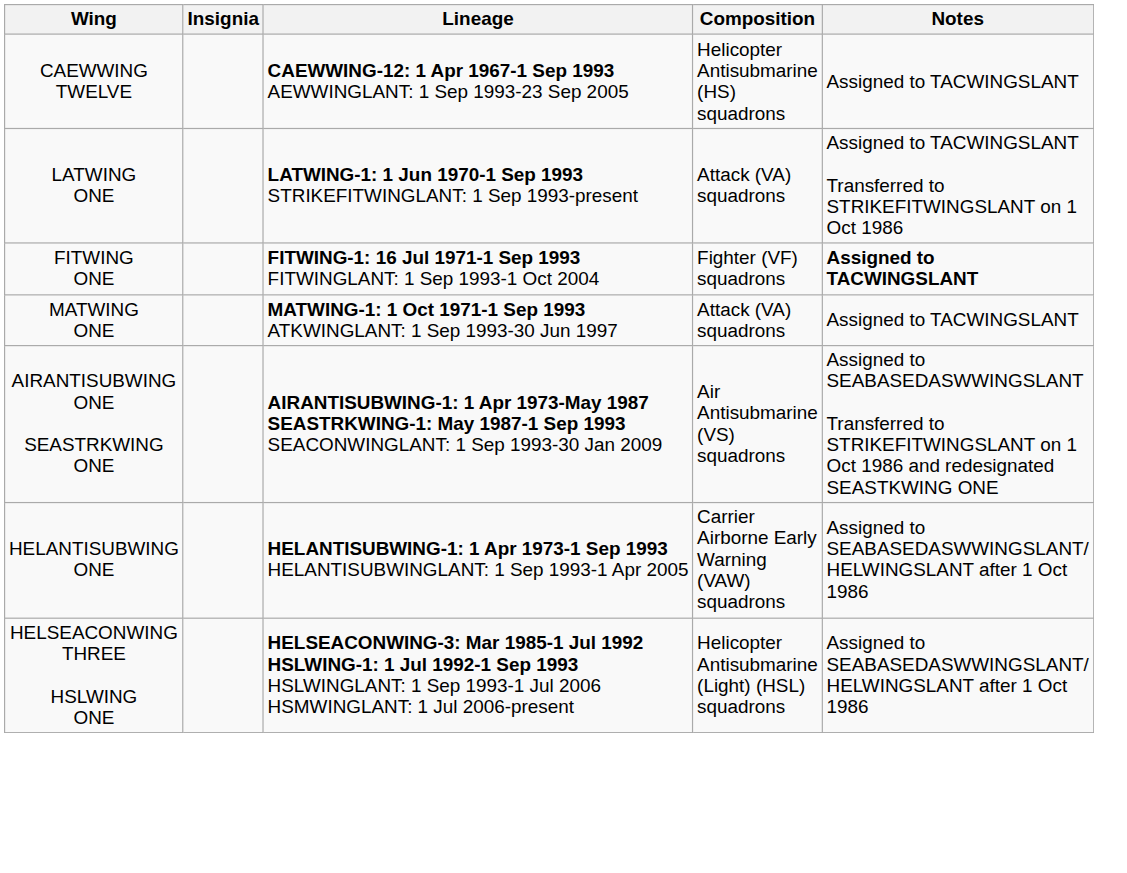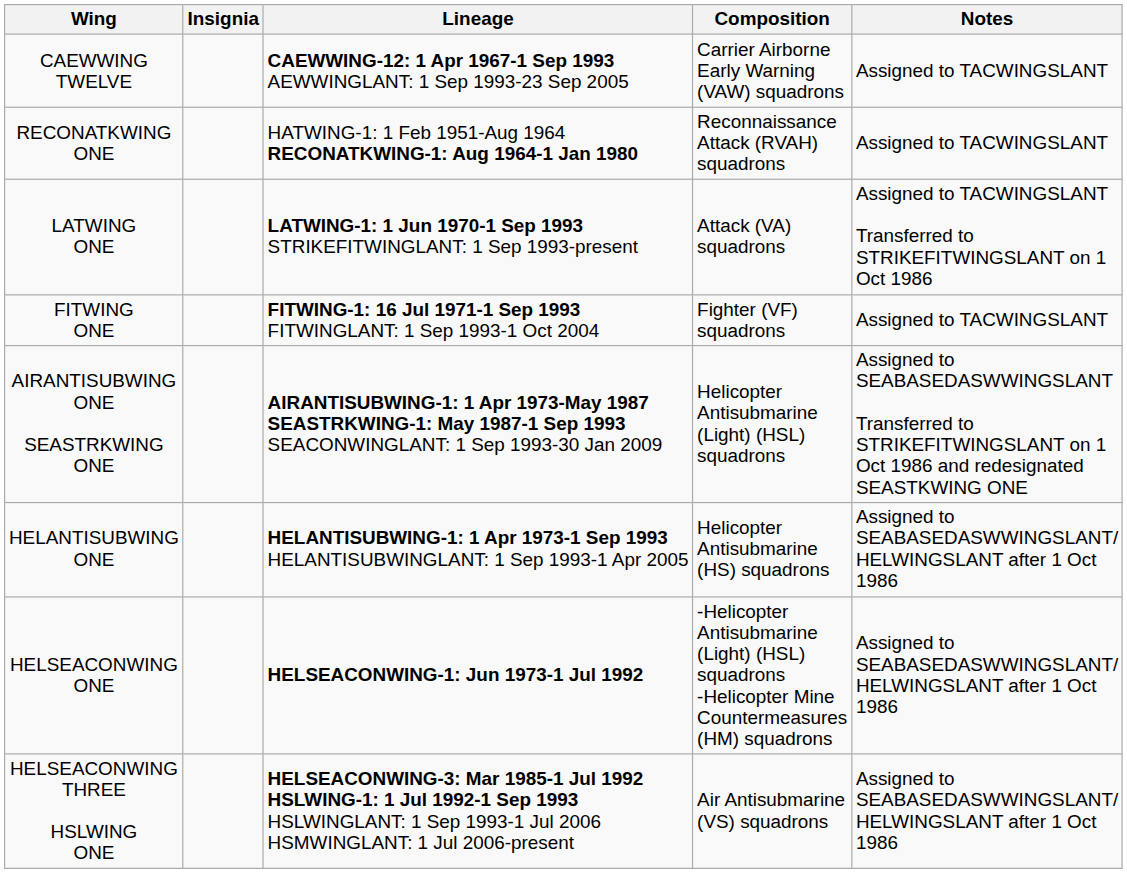 <table class="wikitable" width=100% style="text-align: left">
 <tr>
 <th>Wing</th>
 <th>Insignia</th>
 <th>Lineage</th>
 <th>Composition</th>
 <th>Notes</th>
 </tr>
 <tr>
 <td align=center>CAEWWING<br>TWELVE</td>
 <td></td>
 <td><strong>CAEWWING-12: 1 Apr 1967-1 Sep 1993</strong><br>AEWWINGLANT: 1 Sep 1993-23 Sep 2005</td>
-<td>Helicopter Antisubmarine (HS) squadrons</td>
+<td>Carrier Airborne Early Warning (VAW) squadrons</td>
 <td>Assigned to TACWINGSLANT</td>
+</tr>
+<tr>
+<td align=center>RECONATKWING<br>ONE</td>
+<td></td>
+<td>HATWING-1: 1 Feb 1951-Aug 1964 <br><strong>RECONATKWING-1: Aug 1964-1 Jan 1980</strong></td>
+<td>Reconnaissance Attack (RVAH) squadrons</td>
+<td>Assigned to TACWINGSLANT </td>
 </tr>
 <tr>
 <td align=center>LATWING<br>ONE</td>
 <td></td>
 <td style="white-space: nowrap;"><strong>LATWING-1: 1 Jun 1970-1 Sep 1993</strong><br>STRIKEFITWINGLANT: 1 Sep 1993-present</td>
 <td>Attack (VA) squadrons  </td>
 <td>Assigned to TACWINGSLANT<br><br>Transferred to STRIKEFITWINGSLANT on 1 Oct 1986</td>
 </tr>
 <tr>
 <td align=center>FITWING<br>ONE</td>
 <td></td>
 <td><strong>FITWING-1: 16 Jul 1971-1 Sep 1993</strong><br>FITWINGLANT: 1 Sep 1993-1 Oct 2004</td>
 <td>Fighter (VF) squadrons</td>
-<td><strong>Assigned to TACWINGSLANT</strong></td>
-</tr>
-<tr>
-<td align=center>MATWING<br>ONE</td>
-<td></td>
-<td><strong>MATWING-1: 1 Oct 1971-1 Sep 1993</strong><br>ATKWINGLANT: 1 Sep 1993-30 Jun 1997</td>
-<td>Attack (VA) squadrons</td>
 <td>Assigned to TACWINGSLANT</td>
 </tr>
 <tr>
 <td align=center>AIRANTISUBWING<br>ONE<br><br>SEASTRKWING<br>ONE</td>
 <td></td>
 <td style="white-space: nowrap;"><strong>AIRANTISUBWING-1: 1 Apr 1973-May 1987<br>SEASTRKWING-1: May 1987-1 Sep 1993</strong><br>SEACONWINGLANT: 1 Sep 1993-30 Jan 2009</td>
-<td>Air Antisubmarine (VS) squadrons</td>
+<td>Helicopter Antisubmarine (Light) (HSL) squadrons</td>
 <td>Assigned to SEABASEDASWWINGSLANT<br><br>Transferred to STRIKEFITWINGSLANT on 1 Oct 1986 and redesignated SEASTKWING ONE</td>
 </tr>
 <tr>
 <td align=center>HELANTISUBWING<br>ONE</td>
 <td></td>
 <td style="white-space: nowrap;"><strong>HELANTISUBWING-1: 1 Apr 1973-1 Sep 1993</strong><br>HELANTISUBWINGLANT: 1 Sep 1993-1 Apr 2005</td>
-<td>Carrier Airborne Early Warning (VAW) squadrons</td>
+<td>Helicopter Antisubmarine (HS) squadrons</td>
+<td>Assigned to SEABASEDASWWINGSLANT/<br>HELWINGSLANT after 1 Oct 1986</td>
+</tr>
+<tr>
+<td align=center>HELSEACONWING<br>ONE</td>
+<td></td>
+<td><strong>HELSEACONWING-1: Jun 1973-1 Jul 1992</strong></td>
+<td>-Helicopter Antisubmarine (Light) (HSL) squadrons<br>-Helicopter Mine Countermeasures (HM) squadrons</td>
 <td>Assigned to SEABASEDASWWINGSLANT/<br>HELWINGSLANT after 1 Oct 1986</td>
 </tr>
 <tr>
 <td align=center>HELSEACONWING<br>THREE<br><br>HSLWING<br>ONE</td>
 <td></td>
 <td><strong>HELSEACONWING-3: Mar 1985-1 Jul 1992<br>HSLWING-1: 1 Jul 1992-1 Sep 1993</strong><br>HSLWINGLANT: 1 Sep 1993-1 Jul 2006<br>HSMWINGLANT: 1 Jul 2006-present</td>
-<td>Helicopter Antisubmarine (Light) (HSL) squadrons</td>
+<td>Air Antisubmarine (VS) squadrons</td>
 <td>Assigned to SEABASEDASWWINGSLANT/<br>HELWINGSLANT after 1 Oct 1986</td>
 </tr>
 </table>
